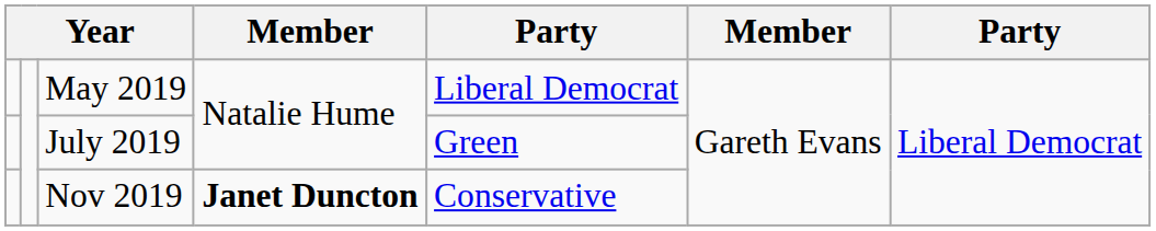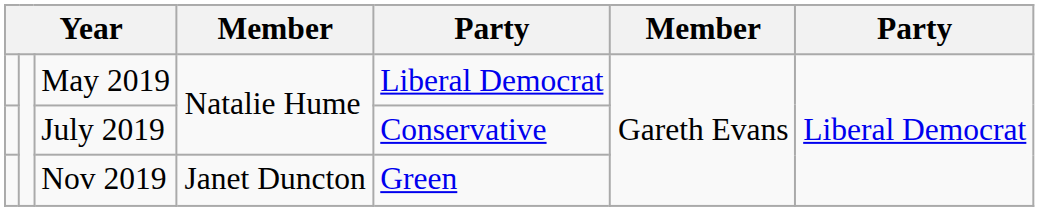 <table class="wikitable">
 <tr>
 <th colspan="3">Year</th>
 <th>Member</th>
 <th>Party</th>
 <th>Member</th>
 <th>Party</th>
 </tr>
 <tr>
 <td style="background-color: "></td>
 <td rowspan="3" ; style="background-color: "></td>
 <td>May 2019</td>
 <td rowspan="2">Natalie Hume</td>
 <td><a href='#'>Liberal Democrat</a></td>
 <td rowspan="3">Gareth Evans</td>
 <td rowspan="3"><a href='#'>Liberal Democrat</a></td>
 </tr>
 <tr>
 <td style="background-color: "></td>
 <td>July 2019</td>
-<td><a href='#'>Green</a></td>
+<td><a href='#'>Conservative</a></td>
 </tr>
 <tr>
 <td style="background-color: "></td>
 <td>Nov 2019</td>
-<td rowspan="1"><strong>Janet Duncton</strong></td>
-<td><a href='#'>Conservative</a></td>
+<td rowspan="1">Janet Duncton</td>
+<td><a href='#'>Green</a></td>
 </tr>
 </table>
